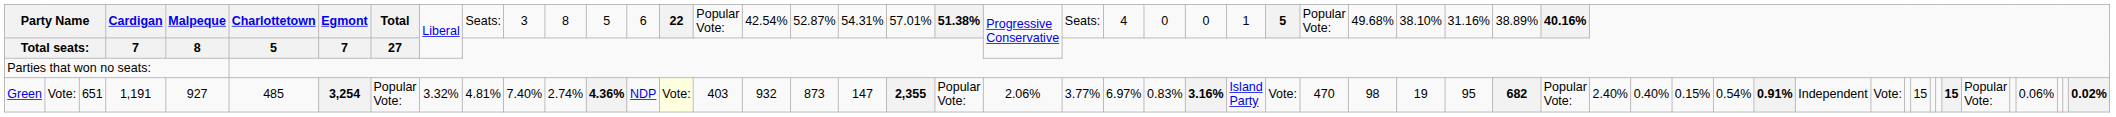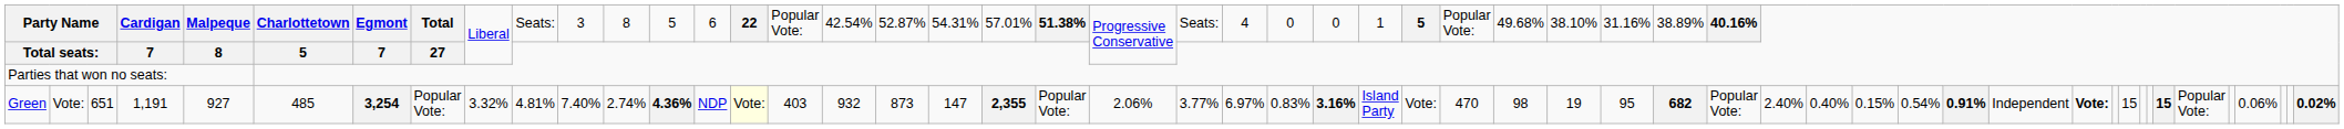 <table class="wikitable">
 <tr>
 <th style="text-align:center;" colspan="3">Party Name</th>
 <th style="text-align:center;"><a href='#'>Cardigan</a></th>
 <th style="text-align:center;"><a href='#'>Malpeque</a></th>
 <th style="text-align:center;"><a href='#'>Charlottetown</a></th>
 <th style="text-align:center;"><a href='#'>Egmont</a></th>
 <th style="text-align:center;">Total<br></th>
 <td rowspan="2"><a href='#'>Liberal</a></td>
 <td>Seats:</td>
 <td style="text-align:center;">3</td>
 <td style="text-align:center;">8</td>
 <td style="text-align:center;">5</td>
 <td style="text-align:center;">6</td>
 <th style="text-align:center;">22<br></th>
 <td>Popular Vote:</td>
 <td style="text-align:center;">42.54%</td>
 <td style="text-align:center;">52.87%</td>
 <td style="text-align:center;">54.31%</td>
 <td style="text-align:center;">57.01%</td>
 <th style="text-align:center;">51.38%<br></th>
 <td rowspan="2"><a href='#'>Progressive Conservative</a></td>
 <td>Seats:</td>
 <td style="text-align:center;">4</td>
 <td style="text-align:center;">0</td>
 <td style="text-align:center;">0</td>
 <td style="text-align:center;">1</td>
 <th style="text-align:center;">5<br></th>
 <td>Popular Vote:</td>
 <td style="text-align:center;">49.68%</td>
 <td style="text-align:center;">38.10%</td>
 <td style="text-align:center;">31.16%</td>
 <td style="text-align:center;">38.89%</td>
 <th style="text-align:center;">40.16%</th>
 </tr>
 <tr>
 <th colspan=3>Total seats:</th>
 <th style="text-align:center;">7</th>
 <th style="text-align:center;">8</th>
 <th style="text-align:center;">5</th>
 <th style="text-align:center;">7</th>
 <th style="text-align:center;">27</th>
 </tr>
 <tr>
 <td colspan="5">Parties that won no seats:</td>
 </tr>
 <tr>
 <td rowspan="2"><a href='#'>Green</a></td>
 <td>Vote:</td>
 <td style="text-align:center;">651</td>
 <td style="text-align:center;">1,191</td>
 <td style="text-align:center;">927</td>
 <td style="text-align:center;">485</td>
 <th style="text-align:center;">3,254<br></th>
 <td>Popular Vote:</td>
 <td style="text-align:center;">3.32%</td>
 <td style="text-align:center;">4.81%</td>
 <td style="text-align:center;">7.40%</td>
 <td style="text-align:center;">2.74%</td>
 <th style="text-align:center;">4.36%<br></th>
 <td rowspan="2"><a href='#'>NDP</a></td>
 <td style="background: lightyellow;">Vote:</td>
 <td style="text-align:center;">403</td>
 <td style="text-align:center;">932</td>
 <td style="text-align:center;">873</td>
 <td style="text-align:center;">147</td>
 <th style="text-align:center;">2,355<br></th>
 <td>Popular Vote:</td>
 <td style="text-align:center;">2.06%</td>
 <td style="text-align:center;">3.77%</td>
 <td style="text-align:center;">6.97%</td>
 <td style="text-align:center;">0.83%</td>
 <th style="text-align:center;">3.16%<br></th>
 <td rowspan="2"><a href='#'>Island Party</a></td>
 <td>Vote:</td>
 <td style="text-align:center;">470</td>
 <td style="text-align:center;">98</td>
 <td style="text-align:center;">19</td>
 <td style="text-align:center;">95</td>
 <th style="text-align:center;">682<br></th>
 <td>Popular Vote:</td>
 <td style="text-align:center;">2.40%</td>
 <td style="text-align:center;">0.40%</td>
 <td style="text-align:center;">0.15%</td>
 <td style="text-align:center;">0.54%</td>
 <th style="text-align:center;">0.91%<br></th>
 <td rowspan="2">Independent</td>
-<td>Vote:</td>
+<td><strong>Vote:</strong></td>
 <td style="text-align:center;"></td>
 <td style="text-align:center;">15</td>
 <td style="text-align:center;"></td>
 <td style="text-align:center;"></td>
 <th style="text-align:center;">15<br></th>
 <td>Popular Vote:</td>
 <td style="text-align:center;"></td>
 <td style="text-align:center;">0.06%</td>
 <td style="text-align:center;"></td>
 <td style="text-align:center;"></td>
 <th style="text-align:center;">0.02%</th>
 </tr>
 </table>
